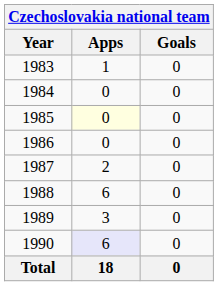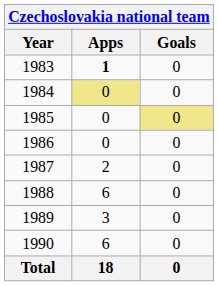 <table class="wikitable" style="text-align:center">
 <tr>
 <th colspan=3><a href='#'>Czechoslovakia national team</a></th>
 </tr>
 <tr>
 <th>Year</th>
 <th>Apps</th>
 <th>Goals</th>
 </tr>
 <tr>
 <td>1983</td>
-<td>1</td>
+<td><strong>1</strong></td>
 <td>0</td>
 </tr>
 <tr>
 <td>1984</td>
-<td>0</td>
+<td style="background: khaki;">0</td>
 <td>0</td>
 </tr>
 <tr>
 <td>1985</td>
-<td style="background: lightyellow;">0</td>
 <td>0</td>
+<td style="background: khaki;">0</td>
 </tr>
 <tr>
 <td>1986</td>
 <td>0</td>
 <td>0</td>
 </tr>
 <tr>
 <td>1987</td>
 <td>2</td>
 <td>0</td>
 </tr>
 <tr>
 <td>1988</td>
 <td>6</td>
 <td>0</td>
 </tr>
 <tr>
 <td>1989</td>
 <td>3</td>
 <td>0</td>
 </tr>
 <tr>
 <td>1990</td>
-<td style="background: lavender;">6</td>
+<td>6</td>
 <td>0</td>
 </tr>
 <tr>
 <th>Total</th>
 <th>18</th>
 <th>0</th>
 </tr>
 </table>
